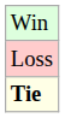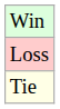 <table class="wikitable">
 <tr>
 <td style="background:#dfd;">Win</td>
 </tr>
 <tr>
 <td style="background:#fcc;">Loss</td>
 </tr>
 <tr>
-<td style="background:#ffffe6;"><strong>Tie</strong></td>
+<td style="background:#ffffe6;">Tie</td>
 </tr>
 </table>
